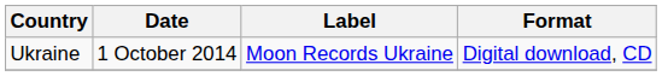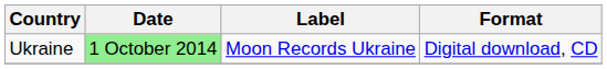 <table class="sortable wikitable">
 <tr>
 <th>Country</th>
 <th>Date</th>
 <th>Label</th>
 <th>Format</th>
 </tr>
 <tr>
 <td>Ukraine</td>
-<td>1 October 2014</td>
+<td style="background: lightgreen;">1 October 2014</td>
 <td><a href='#'>Moon Records Ukraine</a></td>
 <td><a href='#'>Digital download</a>, <a href='#'>CD</a></td>
 </tr>
 <tr>
 </tr>
 </table>
